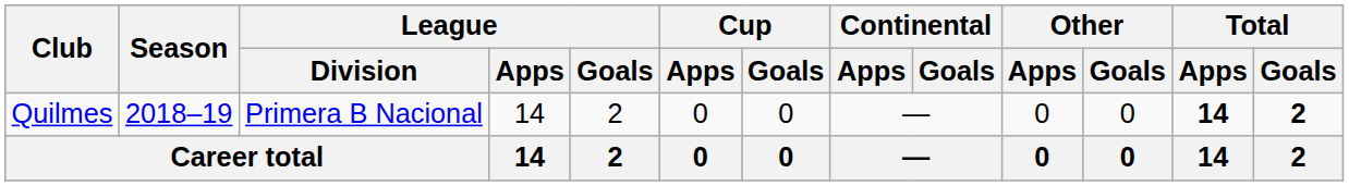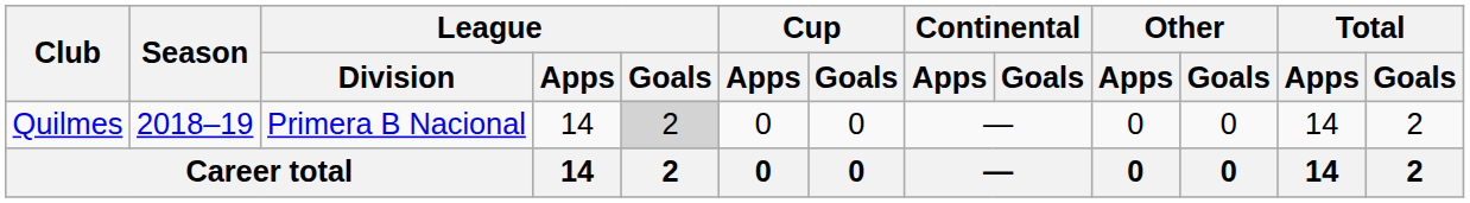 <table class="wikitable" style="text-align:center">
 <tr>
 <th rowspan="2">Club</th>
 <th rowspan="2">Season</th>
 <th colspan="3">League</th>
 <th colspan="2">Cup</th>
 <th colspan="2">Continental</th>
 <th colspan="2">Other</th>
 <th colspan="2">Total</th>
 </tr>
 <tr>
 <th>Division</th>
 <th>Apps</th>
 <th>Goals</th>
 <th>Apps</th>
 <th>Goals</th>
 <th>Apps</th>
 <th>Goals</th>
 <th>Apps</th>
 <th>Goals</th>
 <th>Apps</th>
 <th>Goals</th>
 </tr>
 <tr>
 <td rowspan="1"><a href='#'>Quilmes</a></td>
 <td><a href='#'>2018–19</a></td>
 <td rowspan="1"><a href='#'>Primera B Nacional</a></td>
 <td>14</td>
-<td>2</td>
+<td style="background: lightgrey;">2</td>
 <td>0</td>
 <td>0</td>
 <td colspan="2">—</td>
 <td>0</td>
 <td>0</td>
-<td><strong>14</strong></td>
-<td><strong>2</strong></td>
+<td>14</td>
+<td>2</td>
 </tr>
 <tr>
 <th colspan="3">Career total</th>
 <th>14</th>
 <th>2</th>
 <th>0</th>
 <th>0</th>
 <th colspan="2">—</th>
 <th>0</th>
 <th>0</th>
 <th>14</th>
 <th>2</th>
 </tr>
 </table>
